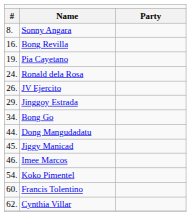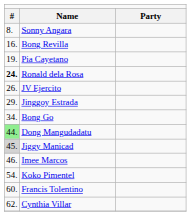 <table class=wikitable style="font-size:90%">
 <tr>
 <td colspan=4 bgcolor=></td>
 </tr>
 <tr>
 <th>#</th>
 <th width=150px>Name</th>
 <th colspan=2 width=110px>Party</th>
 </tr>
 <tr>
 <td>8.</td>
 <td><a href='#'>Sonny Angara</a></td>
 <td></td>
 </tr>
 <tr>
 <td>16.</td>
 <td><a href='#'>Bong Revilla</a></td>
 <td></td>
 </tr>
 <tr>
 <td>19.</td>
 <td><a href='#'>Pia Cayetano</a></td>
 <td></td>
 </tr>
 <tr>
-<td>24.</td>
+<td><strong>24.</strong></td>
 <td><a href='#'>Ronald dela Rosa</a></td>
 <td></td>
 </tr>
 <tr>
 <td>26.</td>
 <td><a href='#'>JV Ejercito</a></td>
 <td></td>
 </tr>
 <tr>
 <td>29.</td>
 <td><a href='#'>Jinggoy Estrada</a></td>
 <td></td>
 </tr>
 <tr>
 <td>34.</td>
 <td><a href='#'>Bong Go</a></td>
 <td></td>
 </tr>
 <tr>
-<td>44.</td>
+<td style="background: lightgreen;">44.</td>
 <td><a href='#'>Dong Mangudadatu</a></td>
 <td></td>
 </tr>
 <tr>
-<td>45.</td>
+<td style="background: lightgrey;">45.</td>
 <td><a href='#'>Jiggy Manicad</a></td>
 <td></td>
 </tr>
 <tr>
 <td>46.</td>
 <td><a href='#'>Imee Marcos</a></td>
 <td></td>
 </tr>
 <tr>
 <td>54.</td>
 <td><a href='#'>Koko Pimentel</a></td>
 <td></td>
 </tr>
 <tr>
 <td>60.</td>
 <td><a href='#'>Francis Tolentino</a></td>
 <td></td>
 </tr>
 <tr>
 <td>62.</td>
 <td><a href='#'>Cynthia Villar</a></td>
 <td></td>
 </tr>
 <tr>
 </tr>
 </table>
